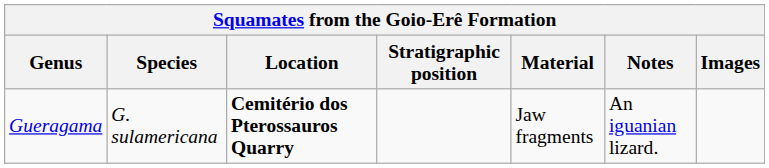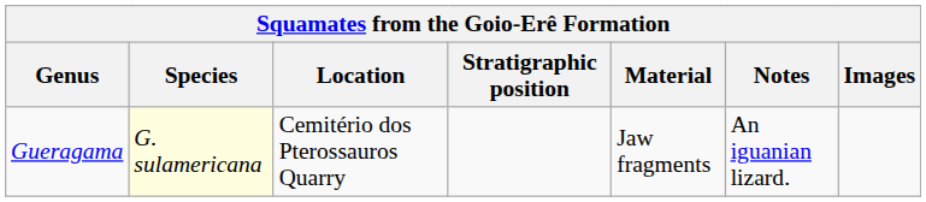 <table class="wikitable"  style="margin:auto; width:100%;">
 <tr>
 <th colspan="7" align="center"><strong><a href='#'>Squamates</a> from the Goio-Erê Formation</strong></th>
 </tr>
 <tr>
 <th>Genus</th>
 <th>Species</th>
 <th>Location</th>
 <th>Stratigraphic position</th>
 <th>Material</th>
 <th>Notes</th>
 <th>Images</th>
 </tr>
 <tr>
 <td><em><a href='#'>Gueragama</a></em></td>
-<td><em>G. sulamericana</em></td>
-<td><strong>Cemitério dos Pterossauros Quarry</strong></td>
+<td style="background: lightyellow;"><em>G. sulamericana</em></td>
+<td>Cemitério dos Pterossauros Quarry</td>
 <td></td>
 <td>Jaw fragments</td>
 <td>An <a href='#'>iguanian</a> lizard.</td>
 <td></td>
 </tr>
 </table>
